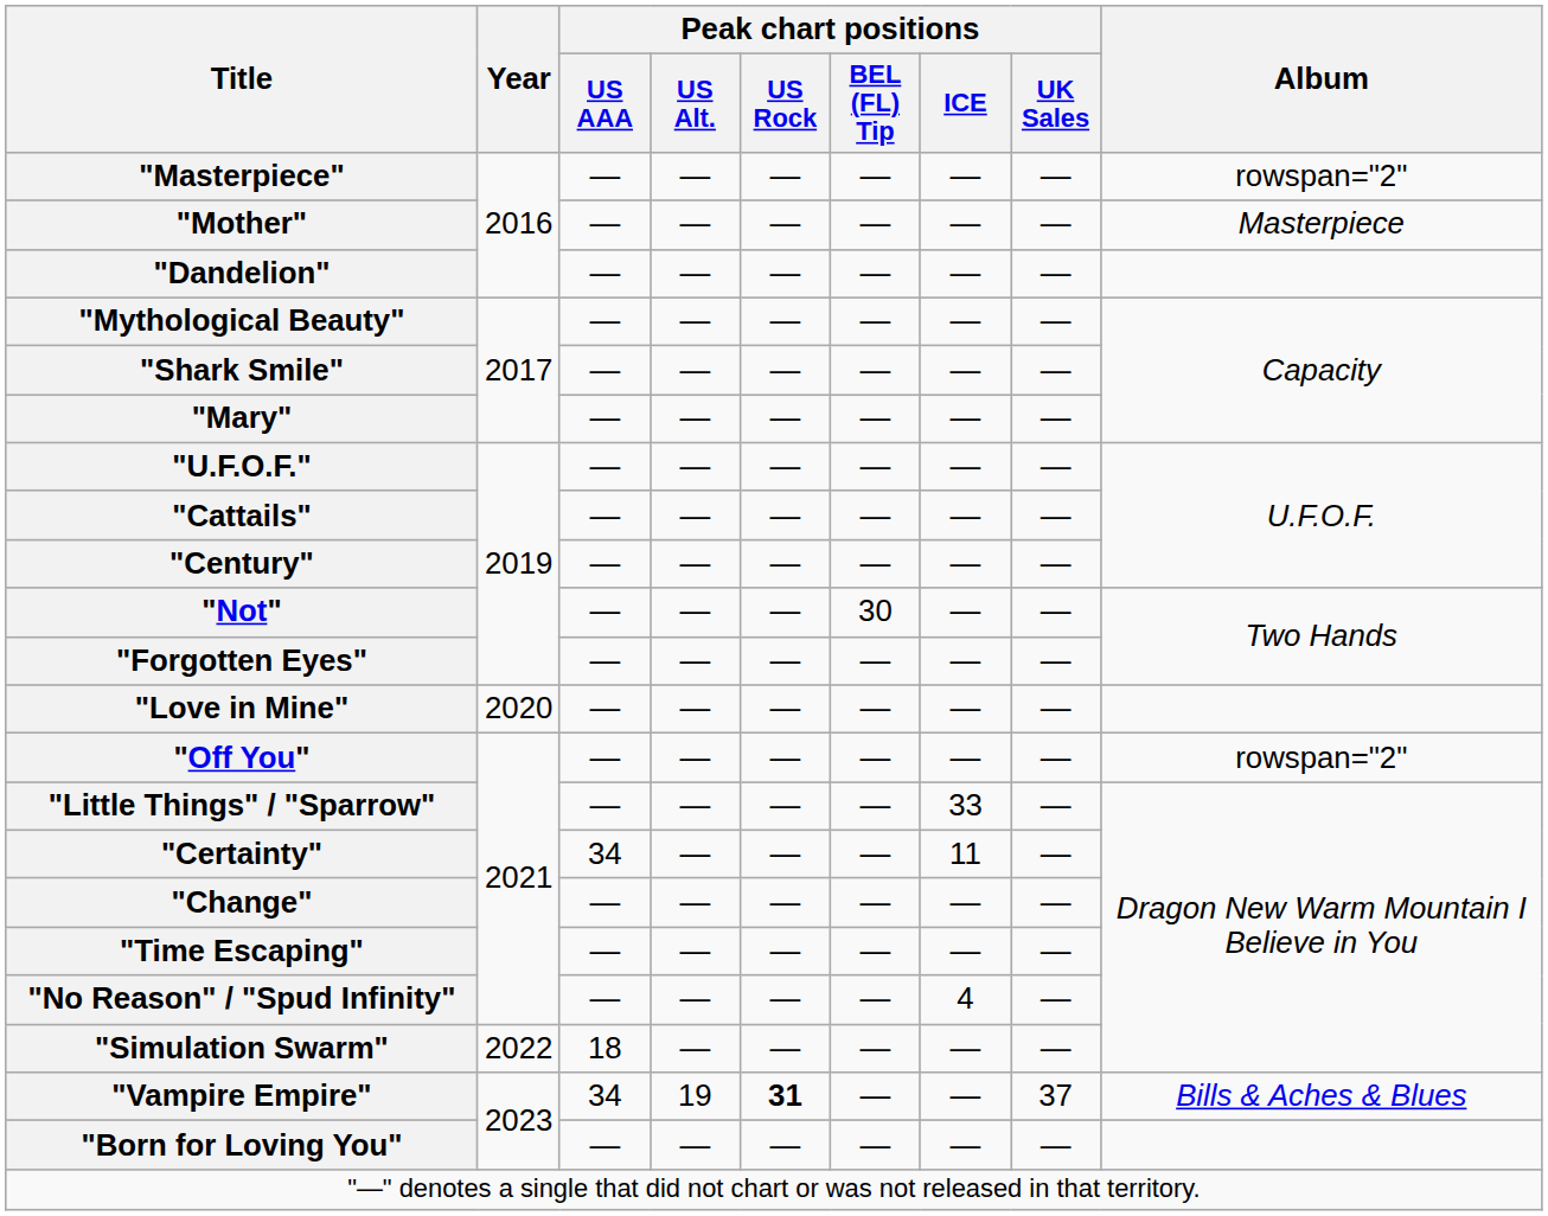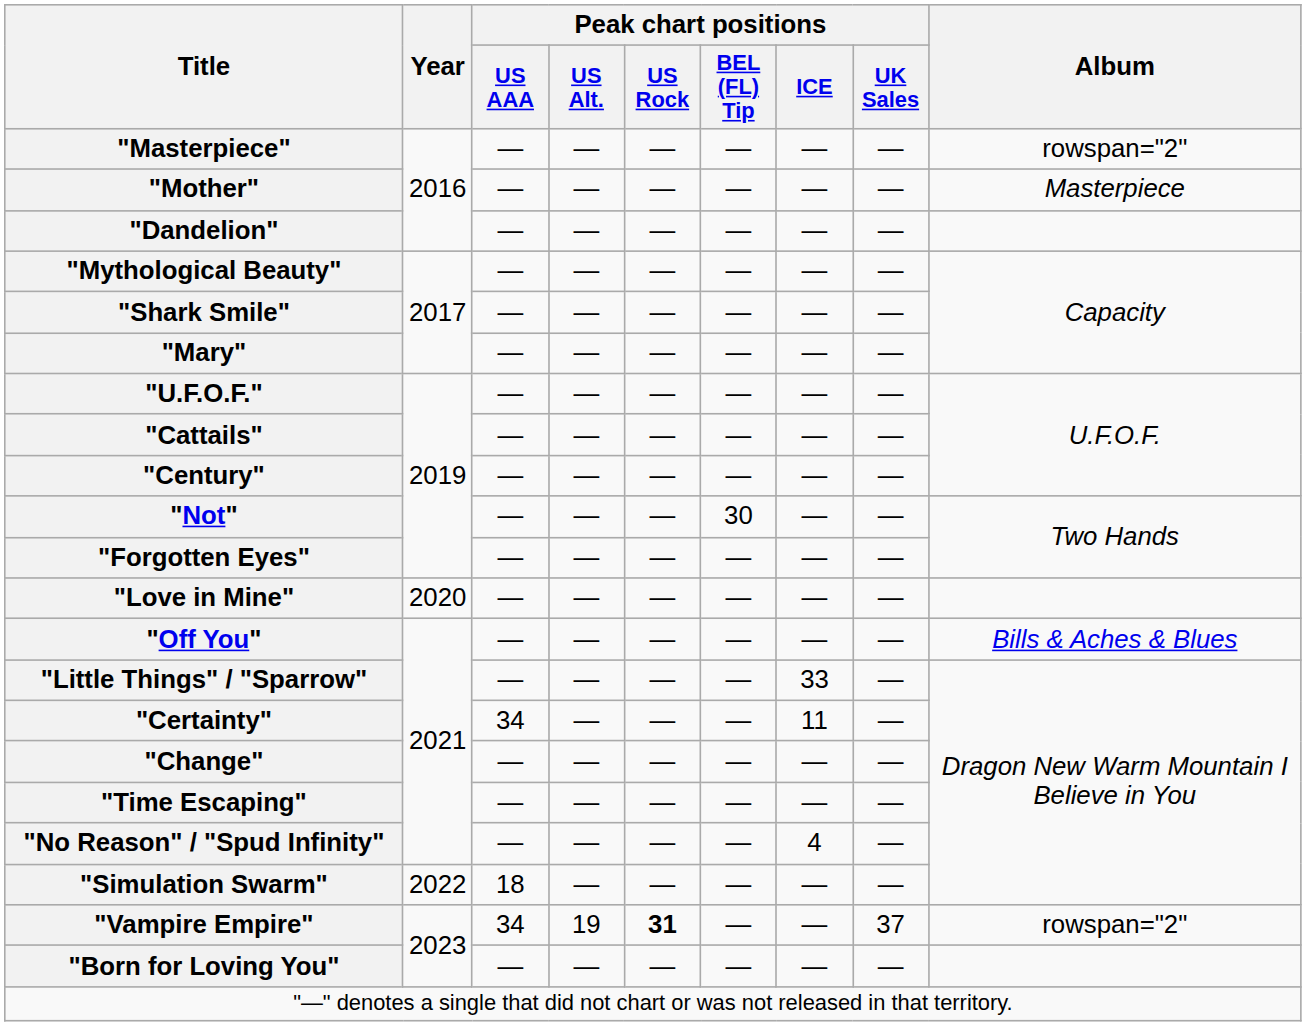 <table class="wikitable plainrowheaders" style="text-align:center;">
 <tr>
 <th scope="col" rowspan="2" style="width:15em;">Title</th>
 <th scope="col" rowspan="2" style="width:1em;">Year</th>
 <th scope="col" colspan="6">Peak chart positions</th>
 <th scope="col" rowspan="2" style="width:14em;">Album</th>
 </tr>
 <tr>
 <th style="width:3em;font-size:85%"><a href='#'>US<br>AAA</a><br></th>
 <th style="width:3em;font-size:85%"><a href='#'>US<br>Alt.</a><br></th>
 <th style="width:3em;font-size:85%"><a href='#'>US<br>Rock</a><br></th>
 <th style="width:3em;font-size:85%"><a href='#'>BEL<br>(FL)<br>Tip</a><br></th>
 <th style="width:3em;font-size:85%"><a href='#'>ICE</a><br></th>
 <th style="width:3em;font-size:85%"><a href='#'>UK<br>Sales</a><br></th>
 </tr>
 <tr>
 <th scope="row">"Masterpiece"</th>
 <td rowspan="3">2016</td>
 <td>—</td>
 <td>—</td>
 <td>—</td>
 <td>—</td>
 <td>—</td>
 <td>—</td>
 <td>rowspan="2" </td>
 </tr>
 <tr>
 <th scope="row">"Mother"</th>
 <td>—</td>
 <td>—</td>
 <td>—</td>
 <td>—</td>
 <td>—</td>
 <td>—</td>
 <td><em>Masterpiece</em></td>
 </tr>
 <tr>
 <th scope="row">"Dandelion"</th>
 <td>—</td>
 <td>—</td>
 <td>—</td>
 <td>—</td>
 <td>—</td>
 <td>—</td>
 </tr>
 <tr>
 <th scope="row">"Mythological Beauty"</th>
 <td rowspan="3">2017</td>
 <td>—</td>
 <td>—</td>
 <td>—</td>
 <td>—</td>
 <td>—</td>
 <td>—</td>
 <td rowspan="3"><em>Capacity</em></td>
 </tr>
 <tr>
 <th scope="row">"Shark Smile"</th>
 <td>—</td>
 <td>—</td>
 <td>—</td>
 <td>—</td>
 <td>—</td>
 <td>—</td>
 </tr>
 <tr>
 <th scope="row">"Mary"</th>
 <td>—</td>
 <td>—</td>
 <td>—</td>
 <td>—</td>
 <td>—</td>
 <td>—</td>
 </tr>
 <tr>
 <th scope="row">"U.F.O.F."</th>
 <td rowspan="5">2019</td>
 <td>—</td>
 <td>—</td>
 <td>—</td>
 <td>—</td>
 <td>—</td>
 <td>—</td>
 <td rowspan="3"><em>U.F.O.F.</em></td>
 </tr>
 <tr>
 <th scope="row">"Cattails"</th>
 <td>—</td>
 <td>—</td>
 <td>—</td>
 <td>—</td>
 <td>—</td>
 <td>—</td>
 </tr>
 <tr>
 <th scope="row">"Century"</th>
 <td>—</td>
 <td>—</td>
 <td>—</td>
 <td>—</td>
 <td>—</td>
 <td>—</td>
 </tr>
 <tr>
 <th scope="row">"<a href='#'>Not</a>"</th>
 <td>—</td>
 <td>—</td>
 <td>—</td>
 <td>30</td>
 <td>—</td>
 <td>—</td>
 <td rowspan="2"><em>Two Hands</em></td>
 </tr>
 <tr>
 <th scope="row">"Forgotten Eyes"</th>
 <td>—</td>
 <td>—</td>
 <td>—</td>
 <td>—</td>
 <td>—</td>
 <td>—</td>
 </tr>
 <tr>
 <th scope="row">"Love in Mine"</th>
 <td>2020</td>
 <td>—</td>
 <td>—</td>
 <td>—</td>
 <td>—</td>
 <td>—</td>
 <td>—</td>
 <td></td>
 </tr>
 <tr>
 <th scope="row">"<a href='#'>Off You</a>"</th>
 <td rowspan="6">2021</td>
 <td>—</td>
 <td>—</td>
 <td>—</td>
 <td>—</td>
 <td>—</td>
 <td>—</td>
-<td>rowspan="2" </td>
+<td><em><a href='#'>Bills & Aches & Blues</a></em></td>
 </tr>
 <tr>
 <th scope="row">"Little Things" / "Sparrow"</th>
 <td>—</td>
 <td>—</td>
 <td>—</td>
 <td>—</td>
 <td>33</td>
 <td>—</td>
 <td rowspan="6"><em>Dragon New Warm Mountain I Believe in You</em></td>
 </tr>
 <tr>
 <th scope="row">"Certainty"</th>
 <td>34</td>
 <td>—</td>
 <td>—</td>
 <td>—</td>
 <td>11</td>
 <td>—</td>
 </tr>
 <tr>
 <th scope="row">"Change"</th>
 <td>—</td>
 <td>—</td>
 <td>—</td>
 <td>—</td>
 <td>—</td>
 <td>—</td>
 </tr>
 <tr>
 <th scope="row">"Time Escaping"</th>
 <td>—</td>
 <td>—</td>
 <td>—</td>
 <td>—</td>
 <td>—</td>
 <td>—</td>
 </tr>
 <tr>
 <th scope="row">"No Reason" / "Spud Infinity"</th>
 <td>—</td>
 <td>—</td>
 <td>—</td>
 <td>—</td>
 <td>4</td>
 <td>—</td>
 </tr>
 <tr>
 <th scope="row">"Simulation Swarm"</th>
 <td>2022</td>
 <td>18</td>
 <td>—</td>
 <td>—</td>
 <td>—</td>
 <td>—</td>
 <td>—</td>
 </tr>
 <tr>
 <th scope="row">"Vampire Empire"</th>
 <td rowspan="2">2023</td>
 <td>34</td>
 <td>19</td>
 <td><strong>31</strong></td>
 <td>—</td>
 <td>—</td>
 <td>37</td>
-<td><em><a href='#'>Bills & Aches & Blues</a></em></td>
+<td>rowspan="2" </td>
 </tr>
 <tr>
 <th scope="row">"Born for Loving You"</th>
 <td>—</td>
 <td>—</td>
 <td>—</td>
 <td>—</td>
 <td>—</td>
 <td>—</td>
 </tr>
 <tr>
 <td colspan="14" style="font-size:85%">"—" denotes a single that did not chart or was not released in that territory.</td>
 </tr>
 </table>
